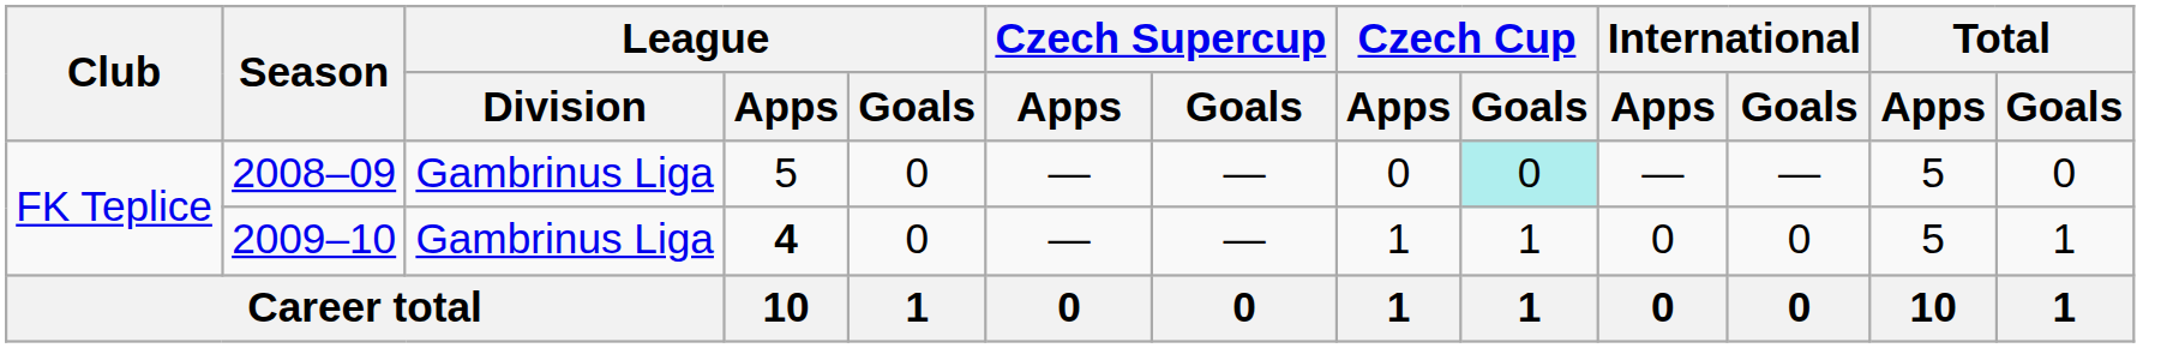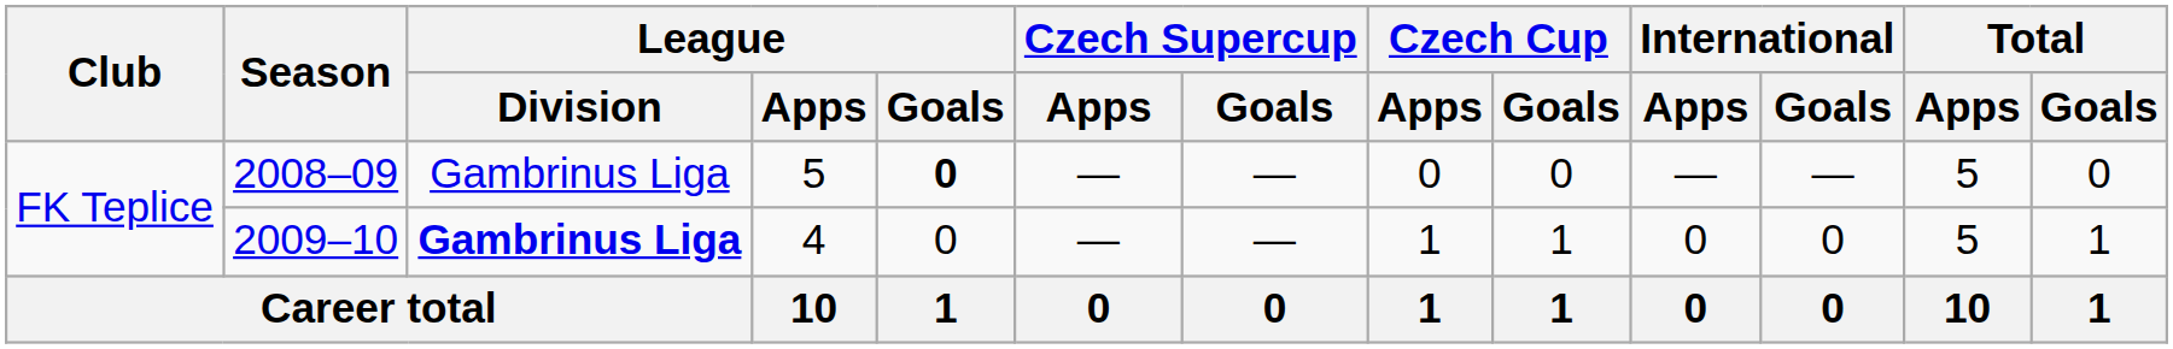 <table class="wikitable" style="text-align: center;">
 <tr>
 <th rowspan="2">Club</th>
 <th rowspan="2">Season</th>
 <th colspan="3">League</th>
 <th colspan="2"><a href='#'>Czech Supercup</a></th>
 <th colspan="2"><a href='#'>Czech Cup</a></th>
 <th colspan="2">International</th>
 <th colspan="2">Total</th>
 </tr>
 <tr>
 <th>Division</th>
 <th>Apps</th>
 <th>Goals</th>
 <th>Apps</th>
 <th>Goals</th>
 <th>Apps</th>
 <th>Goals</th>
 <th>Apps</th>
 <th>Goals</th>
 <th>Apps</th>
 <th>Goals</th>
 </tr>
 <tr>
 <td rowspan="2"><a href='#'>FK Teplice</a></td>
 <td><a href='#'>2008–09</a></td>
 <td><a href='#'>Gambrinus Liga</a></td>
 <td>5</td>
-<td>0</td>
+<td><strong>0</strong></td>
 <td>—</td>
 <td>—</td>
 <td>0</td>
-<td style="background: paleturquoise;">0</td>
+<td>0</td>
 <td>—</td>
 <td>—</td>
 <td>5</td>
 <td>0</td>
 </tr>
 <tr>
 <td><a href='#'>2009–10</a></td>
-<td><a href='#'>Gambrinus Liga</a></td>
-<td><strong>4</strong></td>
+<td><strong><a href='#'>Gambrinus Liga</a></strong></td>
+<td>4</td>
 <td>0</td>
 <td>—</td>
 <td>—</td>
 <td>1</td>
 <td>1</td>
 <td>0</td>
 <td>0</td>
 <td>5</td>
 <td>1</td>
 </tr>
 <tr>
 <th colspan="3">Career total</th>
 <th>10</th>
 <th>1</th>
 <th>0</th>
 <th>0</th>
 <th>1</th>
 <th>1</th>
 <th>0</th>
 <th>0</th>
 <th>10</th>
 <th>1</th>
 </tr>
 </table>
